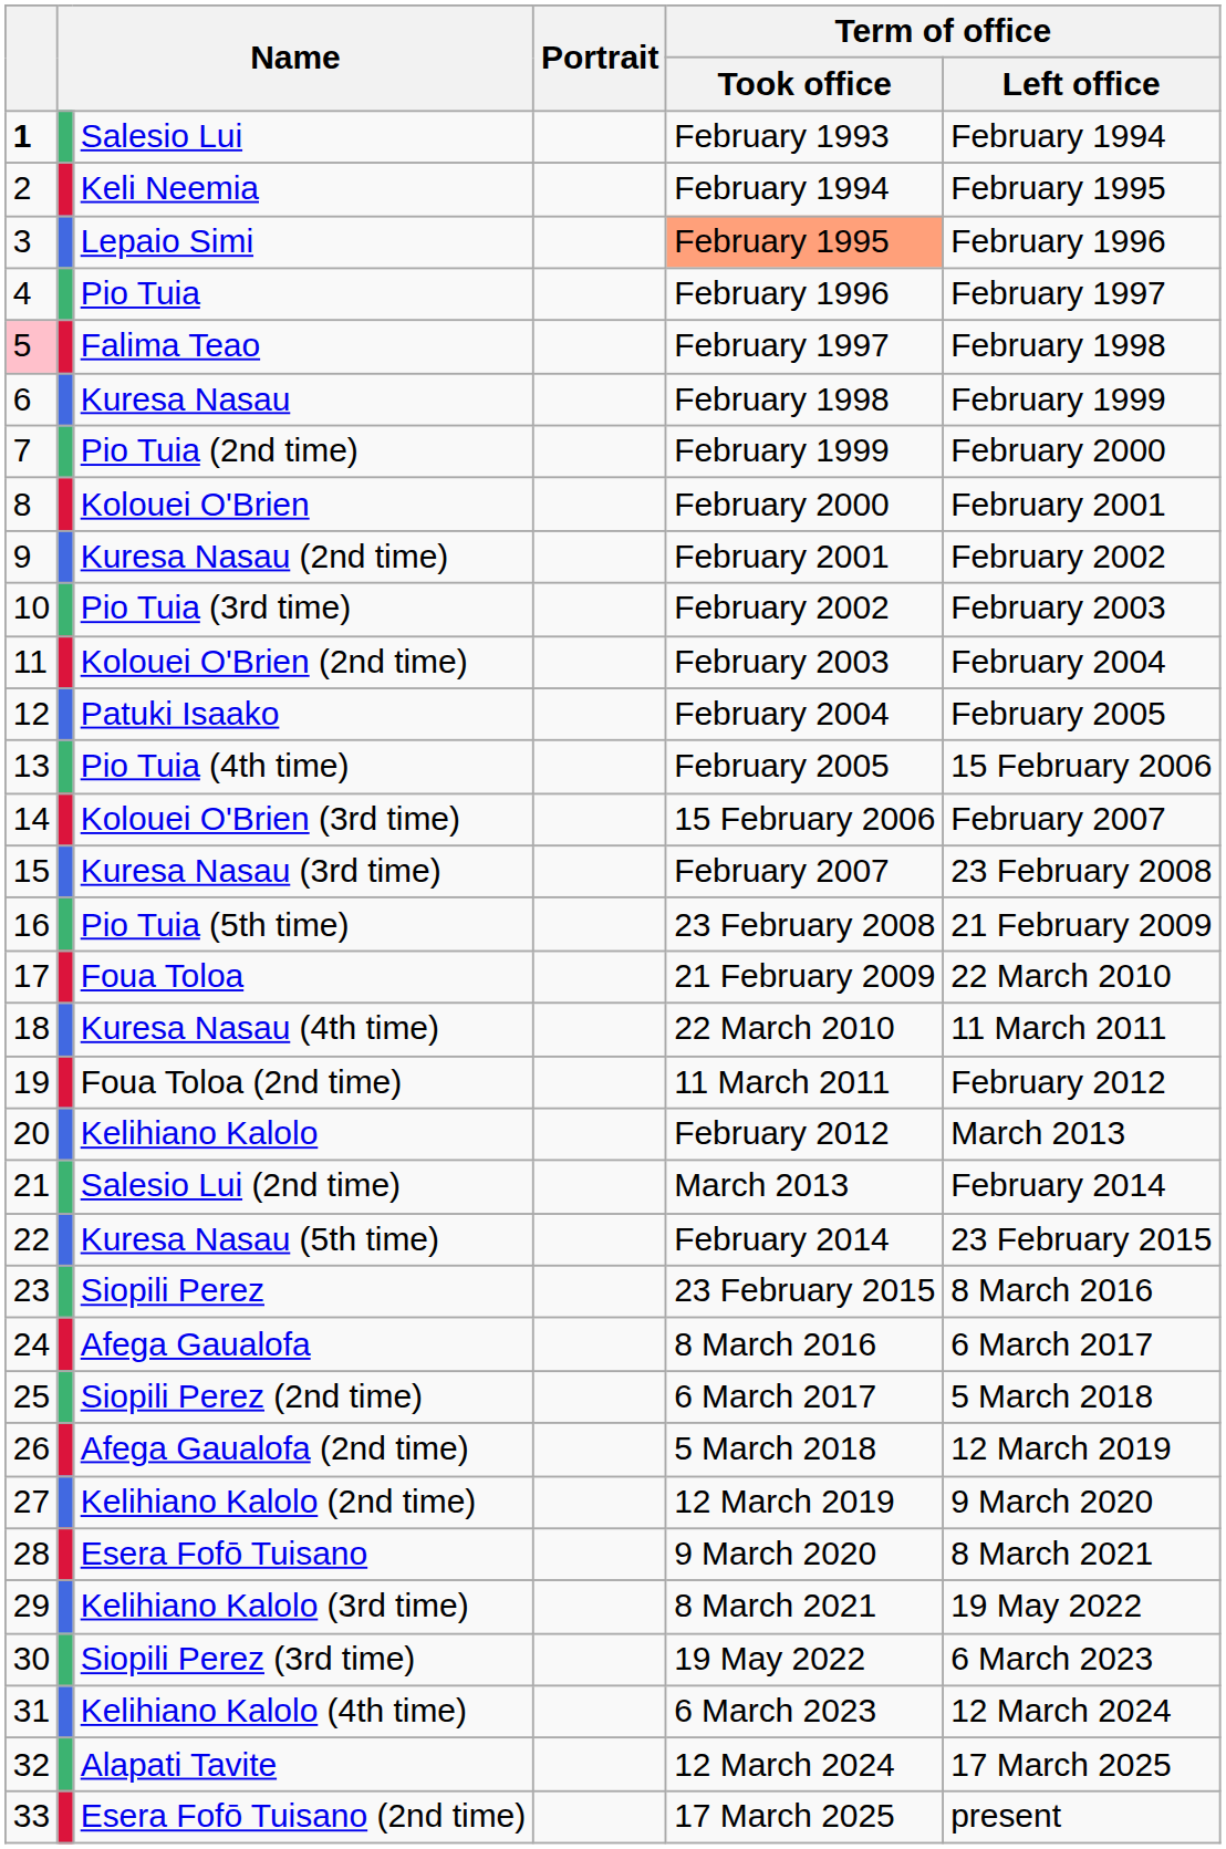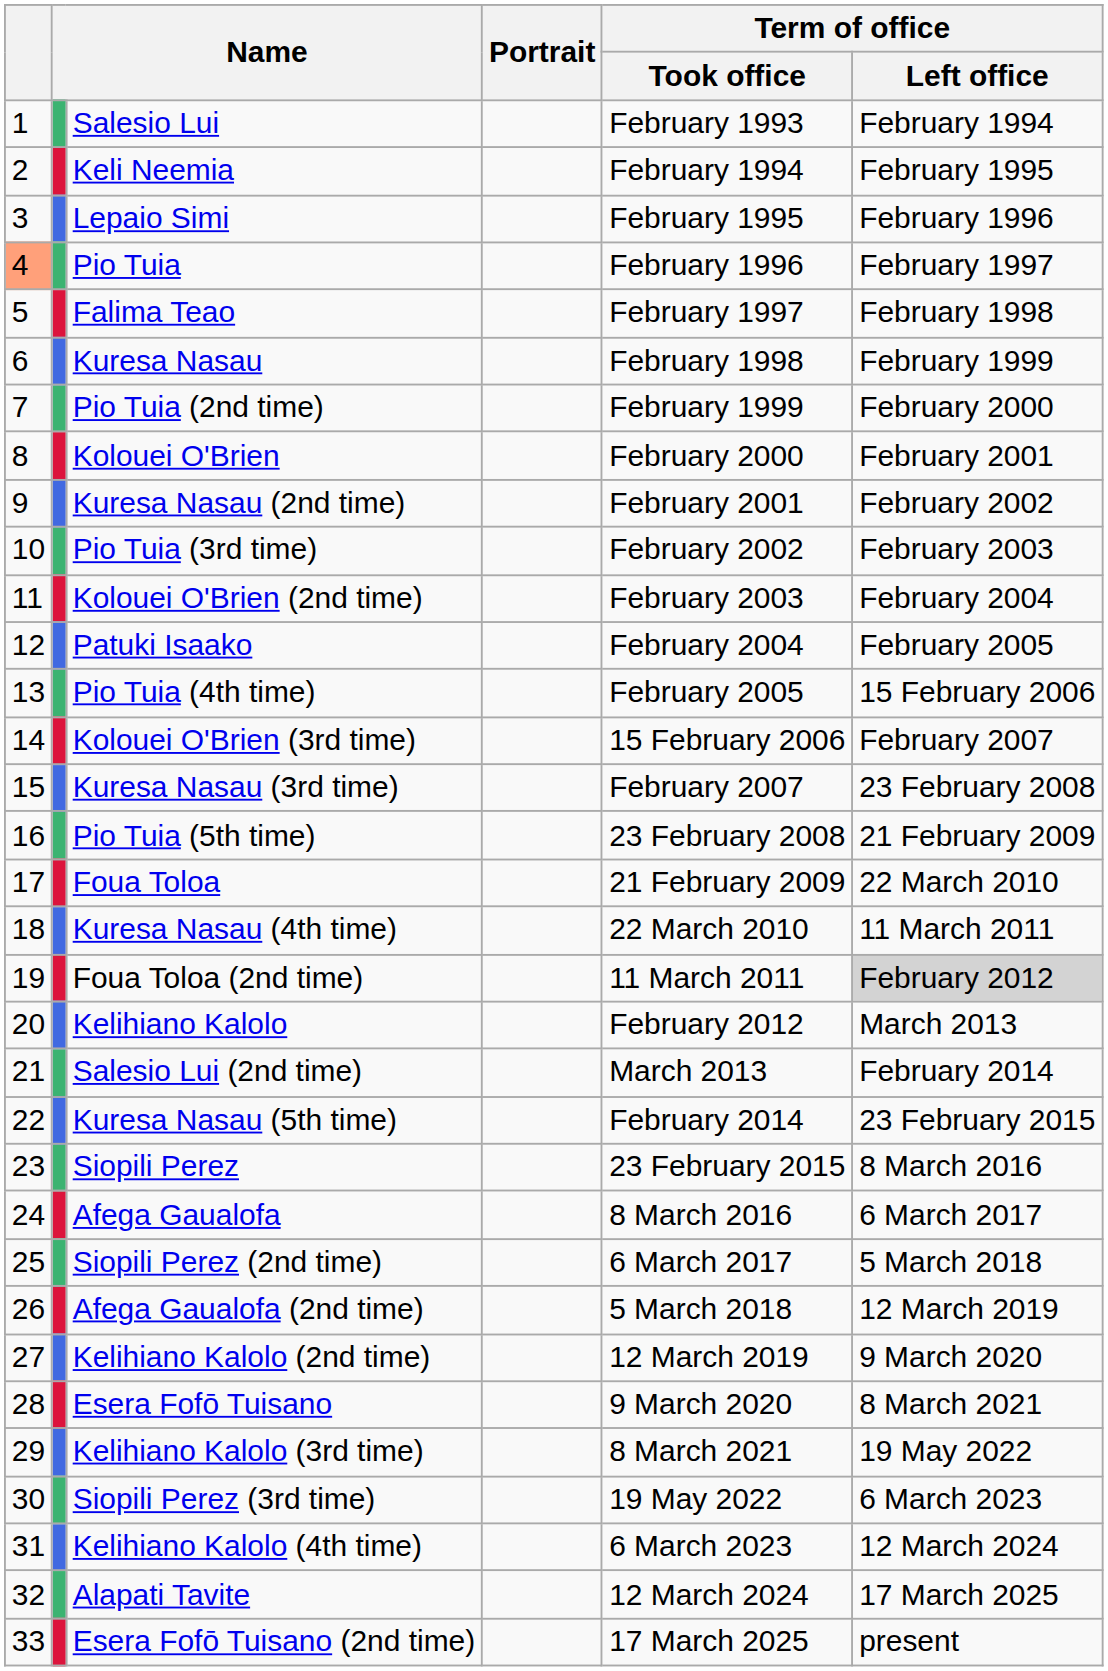 <table class="wikitable">
 <tr>
 <th rowspan="2"></th>
 <th colspan="2" rowspan="2">Name</th>
 <th rowspan="2">Portrait</th>
 <th colspan="2">Term of office</th>
 </tr>
 <tr>
 <th>Took office</th>
 <th>Left office</th>
 </tr>
 <tr>
-<td><strong>1</strong></td>
+<td>1</td>
 <td bgcolor="MediumSeaGreen"></td>
 <td><a href='#'>Salesio Lui</a></td>
 <td></td>
 <td>February 1993</td>
 <td>February 1994</td>
 </tr>
 <tr>
 <td>2</td>
 <td bgcolor="Crimson"></td>
 <td><a href='#'>Keli Neemia</a></td>
 <td></td>
 <td>February 1994</td>
 <td>February 1995</td>
 </tr>
 <tr>
 <td>3</td>
 <td bgcolor="RoyalBlue"></td>
 <td><a href='#'>Lepaio Simi</a></td>
 <td></td>
-<td style="background: lightsalmon;">February 1995</td>
+<td>February 1995</td>
 <td>February 1996</td>
 </tr>
 <tr>
-<td>4</td>
+<td style="background: lightsalmon;">4</td>
 <td bgcolor="MediumSeaGreen"></td>
 <td><a href='#'>Pio Tuia</a></td>
 <td></td>
 <td>February 1996</td>
 <td>February 1997</td>
 </tr>
 <tr>
-<td style="background: pink;">5</td>
+<td>5</td>
 <td bgcolor="Crimson"></td>
 <td><a href='#'>Falima Teao</a></td>
 <td></td>
 <td>February 1997</td>
 <td>February 1998</td>
 </tr>
 <tr>
 <td>6</td>
 <td bgcolor="RoyalBlue"></td>
 <td><a href='#'>Kuresa Nasau</a></td>
 <td></td>
 <td>February 1998</td>
 <td>February 1999</td>
 </tr>
 <tr>
 <td>7</td>
 <td bgcolor="MediumSeaGreen"></td>
 <td><a href='#'>Pio Tuia</a> (2nd time)</td>
 <td></td>
 <td>February 1999</td>
 <td>February 2000</td>
 </tr>
 <tr>
 <td>8</td>
 <td bgcolor="Crimson"></td>
 <td><a href='#'>Kolouei O'Brien</a></td>
 <td></td>
 <td>February 2000</td>
 <td>February 2001</td>
 </tr>
 <tr>
 <td>9</td>
 <td bgcolor="RoyalBlue"></td>
 <td><a href='#'>Kuresa Nasau</a> (2nd time)</td>
 <td></td>
 <td>February 2001</td>
 <td>February 2002</td>
 </tr>
 <tr>
 <td>10</td>
 <td bgcolor="MediumSeaGreen"></td>
 <td><a href='#'>Pio Tuia</a> (3rd time)</td>
 <td></td>
 <td>February 2002</td>
 <td>February 2003</td>
 </tr>
 <tr>
 <td>11</td>
 <td bgcolor="Crimson"></td>
 <td><a href='#'>Kolouei O'Brien</a> (2nd time)</td>
 <td></td>
 <td>February 2003</td>
 <td>February 2004</td>
 </tr>
 <tr>
 <td>12</td>
 <td bgcolor="RoyalBlue"></td>
 <td><a href='#'>Patuki Isaako</a></td>
 <td></td>
 <td>February 2004</td>
 <td>February 2005</td>
 </tr>
 <tr>
 <td>13</td>
 <td bgcolor="MediumSeaGreen"></td>
 <td><a href='#'>Pio Tuia</a> (4th time)</td>
 <td></td>
 <td>February 2005</td>
 <td>15 February 2006</td>
 </tr>
 <tr>
 <td>14</td>
 <td bgcolor="Crimson"></td>
 <td><a href='#'>Kolouei O'Brien</a> (3rd time)</td>
 <td></td>
 <td>15 February 2006</td>
 <td>February 2007</td>
 </tr>
 <tr>
 <td>15</td>
 <td bgcolor="RoyalBlue"></td>
 <td><a href='#'>Kuresa Nasau</a> (3rd time)</td>
 <td></td>
 <td>February 2007</td>
 <td>23 February 2008</td>
 </tr>
 <tr>
 <td>16</td>
 <td bgcolor="MediumSeaGreen"></td>
 <td><a href='#'>Pio Tuia</a> (5th time)</td>
 <td></td>
 <td>23 February 2008</td>
 <td>21 February 2009</td>
 </tr>
 <tr>
 <td>17</td>
 <td bgcolor="Crimson"></td>
 <td><a href='#'>Foua Toloa</a></td>
 <td></td>
 <td>21 February 2009</td>
 <td>22 March 2010</td>
 </tr>
 <tr>
 <td>18</td>
 <td bgcolor="RoyalBlue"></td>
 <td><a href='#'>Kuresa Nasau</a> (4th time)</td>
 <td></td>
 <td>22 March 2010</td>
 <td>11 March 2011</td>
 </tr>
 <tr>
 <td>19</td>
 <td bgcolor="Crimson"></td>
 <td>Foua Toloa (2nd time)</td>
 <td></td>
 <td>11 March 2011</td>
-<td>February 2012</td>
+<td style="background: lightgrey;">February 2012</td>
 </tr>
 <tr>
 <td>20</td>
 <td bgcolor="RoyalBlue"></td>
 <td><a href='#'>Kelihiano Kalolo</a></td>
 <td></td>
 <td>February 2012</td>
 <td>March 2013</td>
 </tr>
 <tr>
 <td>21</td>
 <td bgcolor="MediumSeaGreen"></td>
 <td><a href='#'>Salesio Lui</a> (2nd time)</td>
 <td></td>
 <td>March 2013</td>
 <td>February 2014</td>
 </tr>
 <tr>
 <td>22</td>
 <td bgcolor="RoyalBlue"></td>
 <td><a href='#'>Kuresa Nasau</a> (5th time)</td>
 <td></td>
 <td>February 2014</td>
 <td>23 February 2015</td>
 </tr>
 <tr>
 <td>23</td>
 <td bgcolor="MediumSeaGreen"></td>
 <td><a href='#'>Siopili Perez</a></td>
 <td></td>
 <td>23 February 2015</td>
 <td>8 March 2016</td>
 </tr>
 <tr>
 <td>24</td>
 <td bgcolor="Crimson"></td>
 <td><a href='#'>Afega Gaualofa</a></td>
 <td></td>
 <td>8 March 2016</td>
 <td>6 March 2017</td>
 </tr>
 <tr>
 <td>25</td>
 <td bgcolor="MediumSeaGreen"></td>
 <td><a href='#'>Siopili Perez</a> (2nd time)</td>
 <td></td>
 <td>6 March 2017</td>
 <td>5 March 2018</td>
 </tr>
 <tr>
 <td>26</td>
 <td bgcolor="Crimson"></td>
 <td><a href='#'>Afega Gaualofa</a> (2nd time)</td>
 <td></td>
 <td>5 March 2018</td>
 <td>12 March 2019</td>
 </tr>
 <tr>
 <td>27</td>
 <td bgcolor="RoyalBlue"></td>
 <td><a href='#'>Kelihiano Kalolo</a> (2nd time)</td>
 <td></td>
 <td>12 March 2019</td>
 <td>9 March 2020</td>
 </tr>
 <tr>
 <td>28</td>
 <td bgcolor="Crimson"></td>
 <td><a href='#'>Esera Fofō Tuisano</a></td>
 <td></td>
 <td>9 March 2020</td>
 <td>8 March 2021</td>
 </tr>
 <tr>
 <td>29</td>
 <td bgcolor="RoyalBlue"></td>
 <td><a href='#'>Kelihiano Kalolo</a> (3rd time)</td>
 <td></td>
 <td>8 March 2021</td>
 <td>19 May 2022</td>
 </tr>
 <tr>
 <td>30</td>
 <td bgcolor="MediumSeaGreen"></td>
 <td><a href='#'>Siopili Perez</a> (3rd time)</td>
 <td></td>
 <td>19 May 2022</td>
 <td>6 March 2023</td>
 </tr>
 <tr>
 <td>31</td>
 <td bgcolor="RoyalBlue"></td>
 <td><a href='#'>Kelihiano Kalolo</a> (4th time)</td>
 <td></td>
 <td>6 March 2023</td>
 <td>12 March 2024</td>
 </tr>
 <tr>
 <td>32</td>
 <td bgcolor="MediumSeaGreen"></td>
 <td><a href='#'>Alapati Tavite</a></td>
 <td></td>
 <td>12 March 2024</td>
 <td>17 March 2025</td>
 </tr>
 <tr>
 <td>33</td>
 <td bgcolor="Crimson"></td>
 <td><a href='#'>Esera Fofō Tuisano</a> (2nd time)</td>
 <td></td>
 <td>17 March 2025</td>
 <td>present</td>
 </tr>
 </table>
